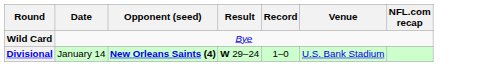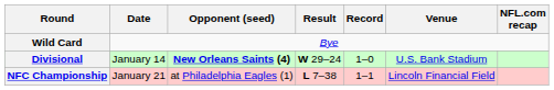 <table class="wikitable" style="text-align:center">
 <tr>
 <th>Round</th>
 <th>Date</th>
 <th>Opponent (seed)</th>
 <th>Result</th>
 <th>Record</th>
 <th>Venue</th>
 <th>NFL.com<br>recap</th>
 </tr>
 <tr>
 <th>Wild Card</th>
 <td colspan=6><em><a href='#'>Bye</a></em></td>
 </tr>
 <tr style="background:#cfc">
 <th><a href='#'>Divisional</a></th>
 <td>January 14</td>
 <td><strong><a href='#'>New Orleans Saints</a> (4)</strong></td>
 <td><strong>W</strong> 29–24</td>
 <td>1–0</td>
 <td><a href='#'>U.S. Bank Stadium</a></td>
 <td></td>
 </tr>
+<tr style="background:#fcc">
+<th><a href='#'>NFC Championship</a></th>
+<td>January 21</td>
+<td>at <a href='#'>Philadelphia Eagles</a> (1)</td>
+<td><strong>L</strong> 7–38</td>
+<td>1–1</td>
+<td><a href='#'>Lincoln Financial Field</a></td>
+<td></td>
+</tr>
 </table>
